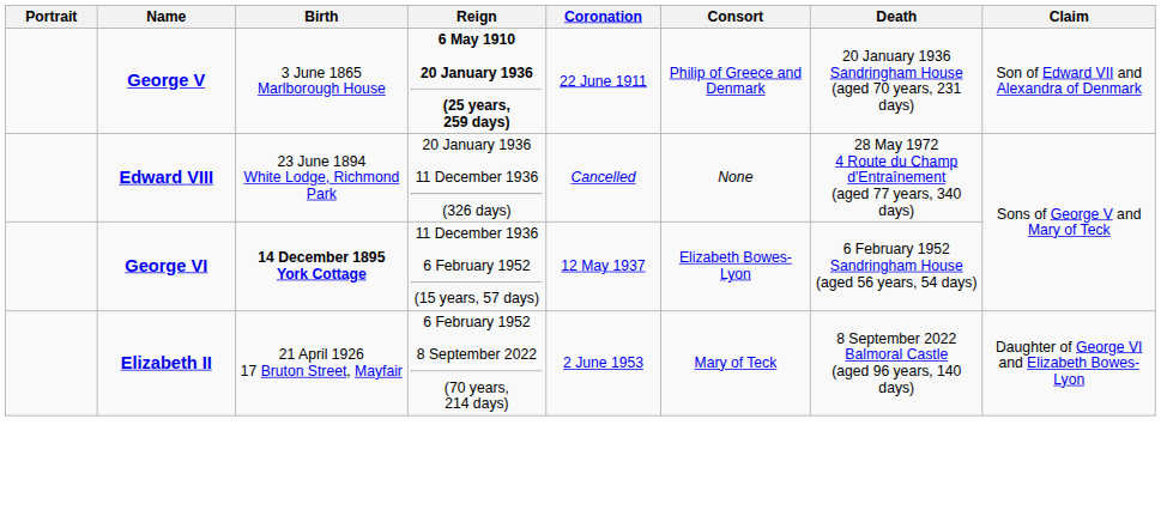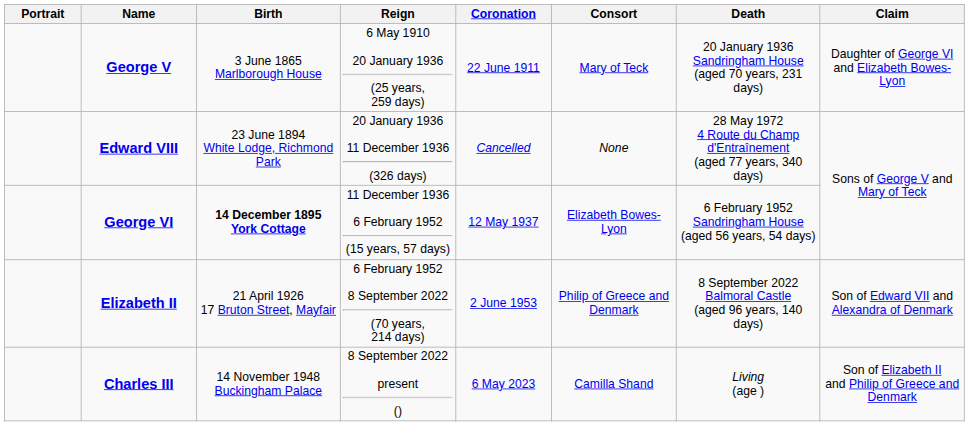 <table style="text-align:center; width:100%" class="wikitable">
 <tr>
 <th style="width:8%;">Portrait</th>
 <th style="width:12%;">Name</th>
 <th style="width:15%;">Birth</th>
 <th style="width:12%;">Reign</th>
 <th style="width:10%;"><a href='#'>Coronation</a></th>
 <th style="width:13%;">Consort</th>
 <th style="width:15%;">Death</th>
 <th style="width:15%;">Claim</th>
 </tr>
 <tr>
 <td></td>
 <td><big><strong><a href='#'>George V</a></strong></big></td>
 <td>3 June 1865<br><a href='#'>Marlborough House</a></td>
-<td><strong>6 May 1910<br><br>20 January 1936<br><hr>(25 years, 259 days)</strong></td>
+<td>6 May 1910<br><br>20 January 1936<br><hr>(25 years, 259 days)</td>
 <td><a href='#'>22 June 1911</a></td>
-<td><a href='#'>Philip of Greece and Denmark</a></td>
+<td><a href='#'>Mary of Teck</a></td>
 <td>20 January 1936<br><a href='#'>Sandringham House</a><br>(aged 70 years, 231 days)</td>
-<td>Son of <a href='#'>Edward VII</a> and <a href='#'>Alexandra of Denmark</a></td>
+<td>Daughter of <a href='#'>George VI</a> and <a href='#'>Elizabeth Bowes-Lyon</a></td>
 </tr>
 <tr>
 <td></td>
 <td><big><strong><a href='#'>Edward VIII</a></strong></big></td>
 <td>23 June 1894<br><a href='#'>White Lodge, Richmond Park</a></td>
 <td>20 January 1936<br><br>11 December 1936<br><hr>(326 days)</td>
 <td><a href='#'><em>Cancelled</em></a></td>
 <td><em>None</em></td>
 <td>28 May 1972<br><a href='#'>4 Route du Champ d'Entraînement</a><br>(aged 77 years, 340 days)</td>
 <td rowspan=2>Sons of <a href='#'>George V</a> and <a href='#'>Mary of Teck</a></td>
 </tr>
 <tr>
 <td></td>
 <td><big><strong><a href='#'>George VI</a></strong></big></td>
 <td><strong>14 December 1895<br><a href='#'>York Cottage</a></strong></td>
 <td>11 December 1936<br><br>6 February 1952<br><hr>(15 years, 57 days)</td>
 <td><a href='#'>12 May 1937</a></td>
 <td><a href='#'>Elizabeth Bowes-Lyon</a></td>
 <td>6 February 1952<br><a href='#'>Sandringham House</a><br>(aged 56 years, 54 days)</td>
 </tr>
 <tr>
 <td></td>
 <td><big><strong><a href='#'>Elizabeth II</a></strong></big></td>
 <td>21 April 1926<br>17 <a href='#'>Bruton Street</a>, <a href='#'>Mayfair</a></td>
 <td>6 February 1952<br><br>8 September 2022<br><hr>(70 years, 214 days)</td>
 <td><a href='#'>2 June 1953</a></td>
-<td><a href='#'>Mary of Teck</a></td>
+<td><a href='#'>Philip of Greece and Denmark</a></td>
 <td>8 September 2022<br><a href='#'>Balmoral Castle</a><br>(aged 96 years, 140 days)</td>
-<td>Daughter of <a href='#'>George VI</a> and <a href='#'>Elizabeth Bowes-Lyon</a></td>
+<td>Son of <a href='#'>Edward VII</a> and <a href='#'>Alexandra of Denmark</a></td>
+</tr>
+<tr>
+<td></td>
+<td><big><strong><a href='#'>Charles III</a></strong></big></td>
+<td>14 November 1948<br><a href='#'>Buckingham Palace</a></td>
+<td>8 September 2022<br><br>present<br><hr>()</td>
+<td><a href='#'>6 May 2023</a></td>
+<td><a href='#'>Camilla Shand</a></td>
+<td><em>Living</em><br>(age )</td>
+<td>Son of <a href='#'>Elizabeth II</a><br>and <a href='#'>Philip of Greece and Denmark</a></td>
 </tr>
 </table>
